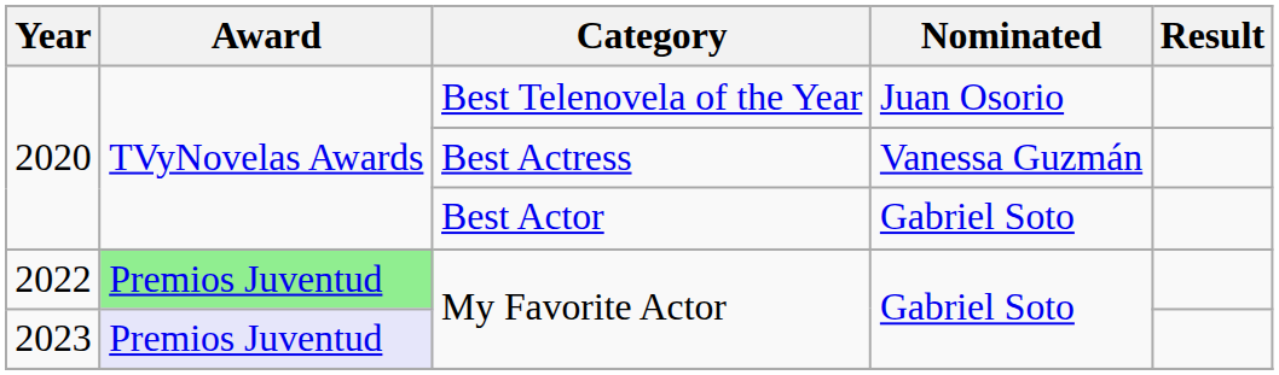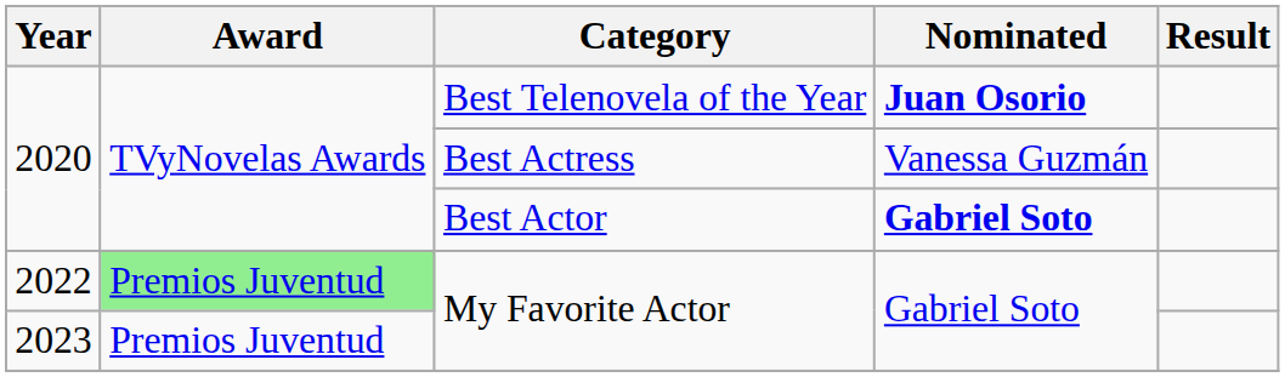 <table class="wikitable plainrowheaders">
 <tr>
 <th scope="col">Year</th>
 <th scope="col">Award</th>
 <th scope="col">Category</th>
 <th scope="col">Nominated</th>
 <th scope="col">Result</th>
 </tr>
 <tr>
 <td rowspan="3">2020</td>
 <td rowspan="3"><a href='#'>TVyNovelas Awards</a></td>
 <td><a href='#'>Best Telenovela of the Year</a></td>
-<td><a href='#'>Juan Osorio</a></td>
+<td><strong><a href='#'>Juan Osorio</a></strong></td>
 <td></td>
 </tr>
 <tr>
 <td><a href='#'>Best Actress</a></td>
 <td><a href='#'>Vanessa Guzmán</a></td>
 <td></td>
 </tr>
 <tr>
 <td><a href='#'>Best Actor</a></td>
-<td><a href='#'>Gabriel Soto</a></td>
+<td><strong><a href='#'>Gabriel Soto</a></strong></td>
 <td></td>
 </tr>
 <tr>
 <td>2022</td>
 <td style="background: lightgreen;"><a href='#'>Premios Juventud</a></td>
 <td rowspan=2>My Favorite Actor</td>
 <td rowspan=2><a href='#'>Gabriel Soto</a></td>
 <td></td>
 </tr>
 <tr>
 <td>2023</td>
-<td style="background: lavender;"><a href='#'>Premios Juventud</a></td>
+<td><a href='#'>Premios Juventud</a></td>
 <td></td>
 </tr>
 <tr>
 </tr>
 </table>
